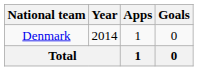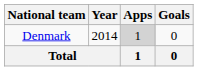 <table class="wikitable" style="text-align: center;">
 <tr>
 <th>National team</th>
 <th>Year</th>
 <th>Apps</th>
 <th>Goals</th>
 </tr>
 <tr>
 <td><a href='#'>Denmark</a></td>
 <td>2014</td>
-<td>1</td>
+<td style="background: lightgrey;">1</td>
 <td>0</td>
 </tr>
 <tr>
 <th colspan="2">Total</th>
 <th>1</th>
 <th>0</th>
 </tr>
 </table>
